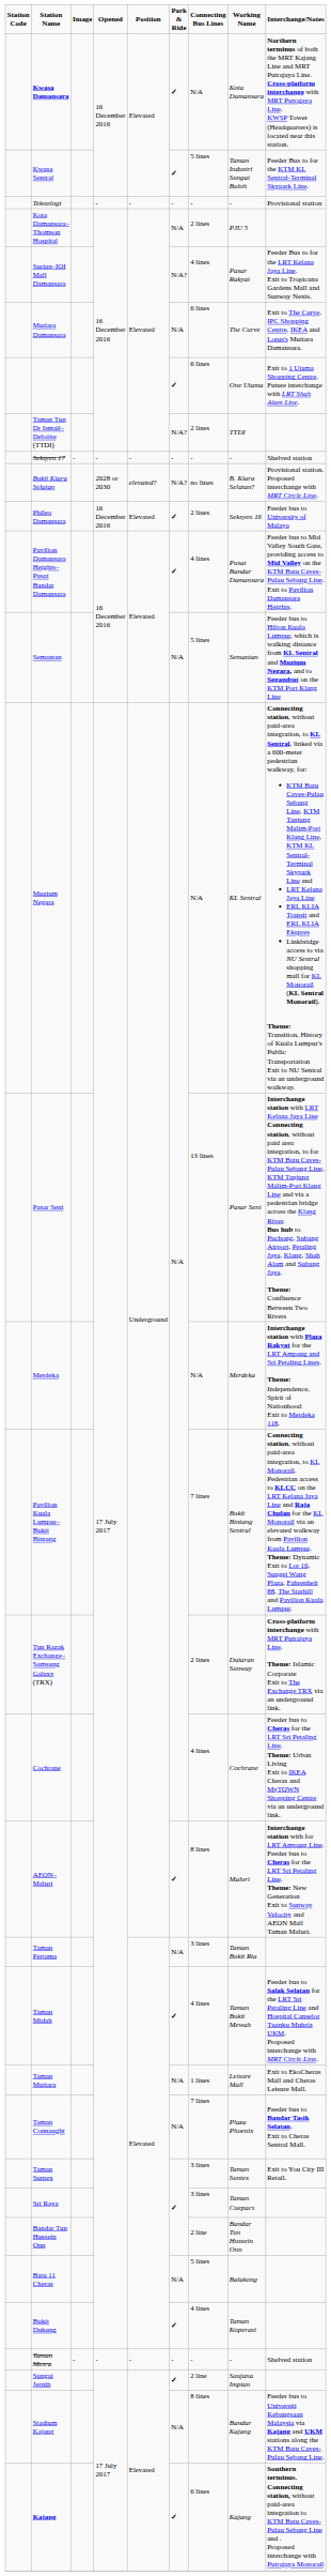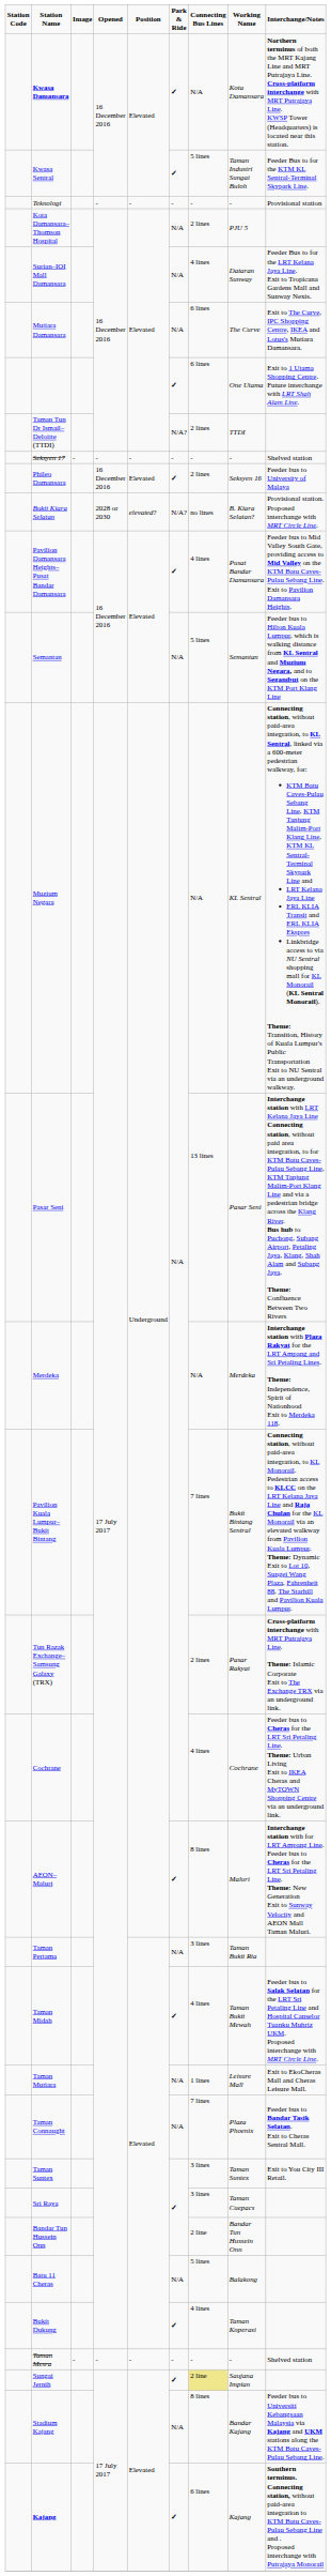 <table class="wikitable sortable" style="margin-left: 1em; margin-bottom: 1em; color: black; border-collapse: collapse; font-size: 95%">
 <tr align="center">
 <td><strong>Station Code</strong></td>
 <td><strong>Station Name</strong></td>
 <td><strong>Image</strong></td>
 <td><strong>Opened</strong></td>
 <td><strong>Position</strong></td>
 <td><strong>Park & Ride</strong></td>
 <td><strong>Connecting Bus Lines</strong></td>
 <td><strong>Working Name</strong></td>
 <td><strong>Interchange/Notes</strong></td>
 </tr>
 <tr>
 <td></td>
 <td><a href='#'><strong>Kwasa Damansara</strong></a></td>
 <td></td>
 <td rowspan="2">16 December 2016</td>
 <td rowspan="2">Elevated</td>
 <td><strong>✓</strong></td>
 <td>N/A</td>
 <td><em>Kota Damansara</em></td>
 <td><strong>Northern terminus</strong> of both the MRT Kajang Line and MRT Putrajaya Line.<br><strong><a href='#'>Cross-platform interchange</a></strong> with  <a href='#'>MRT Putrajaya Line</a>.<br><a href='#'>KWSP</a> Tower (Headquarters) is located near this station.</td>
 </tr>
 <tr>
 <td></td>
 <td><a href='#'>Kwasa Sentral</a></td>
 <td></td>
 <td><strong>✓</strong></td>
 <td>5 lines<br><br><br><br><br></td>
 <td><em>Taman Industri Sungai Buloh</em></td>
 <td>Feeder Bus  to  <strong></strong> for the <a href='#'>KTM KL Sentral-Terminal Skypark Line</a>.</td>
 </tr>
 <tr>
 <td></td>
 <td><em>Teknologi</em></td>
 <td></td>
 <td>-</td>
 <td>-</td>
 <td>-</td>
 <td>-</td>
 <td>-</td>
 <td>Provisional station</td>
 </tr>
 <tr>
 <td></td>
 <td><a href='#'>Kota Damansara–Thomson Hospital</a></td>
 <td></td>
 <td rowspan="5">16 December 2016</td>
 <td rowspan="5">Elevated</td>
 <td>N/A</td>
 <td>2 lines<br><br></td>
 <td><em>PJU 5</em></td>
 <td></td>
 </tr>
 <tr>
 <td></td>
 <td><a href='#'>Surian–IOI Mall Damansara</a></td>
 <td></td>
-<td>N/A?</td>
+<td>N/A</td>
 <td>4 lines<br><br><br><br></td>
-<td><em>Pasar Rakyat</em></td>
+<td><em>Dataran Sunway</em></td>
 <td>Feeder Bus  to  <strong></strong> for the <a href='#'>LRT Kelana Jaya Line</a>.<br>Exit to Tropicana Gardens Mall and Sunway Nexis.</td>
 </tr>
 <tr>
 <td></td>
 <td><a href='#'>Mutiara Damansara</a></td>
 <td></td>
 <td>N/A</td>
 <td>6 lines<br><br><br><br><br><br></td>
 <td><em>The Curve</em></td>
 <td>Exit to <a href='#'>The Curve</a>, <a href='#'>IPC Shopping Centre</a>, <a href='#'>IKEA</a> and <a href='#'>Lotus's</a> Mutiara Damansara.</td>
 </tr>
 <tr>
 <td></td>
 <td></td>
 <td></td>
 <td><strong>✓</strong></td>
 <td>6 lines<br><br><br><br><br><br></td>
 <td><em>One Utama</em></td>
 <td>Exit to <a href='#'>1 Utama Shopping Centre</a>.<br>Future interchange with  <em><a href='#'>LRT Shah Alam Line</a></em>.</td>
 </tr>
 <tr>
 <td></td>
 <td><a href='#'>Taman Tun Dr Ismail–Deloitte</a> (TTDI)</td>
 <td></td>
 <td>N/A?</td>
 <td>2 lines<br><br></td>
 <td><em>TTDI</em></td>
 <td></td>
 </tr>
 <tr>
 <td></td>
 <td><s><em>Seksyen 17</em></s></td>
 <td>-</td>
 <td>-</td>
 <td>-</td>
 <td>-</td>
 <td>-</td>
 <td>-</td>
 <td>Shelved station</td>
 </tr>
 <tr>
 <td></td>
+<td><a href='#'>Phileo Damansara</a></td>
+<td></td>
+<td>16 December 2016</td>
+<td>Elevated</td>
+<td><strong>✓</strong></td>
+<td>2 lines<br><br></td>
+<td><em>Seksyen 16</em></td>
+<td>Feeder bus <strong></strong> to <a href='#'>University of Malaya</a></td>
+</tr>
+<tr>
+<td></td>
 <td><a href='#'><em>Bukit Kiara Selatan</em></a></td>
 <td></td>
 <td>2028 or 2030</td>
 <td><em>elevated</em>?</td>
 <td>N/A?</td>
 <td>no lines</td>
 <td><em>B. Kiara Selatan</em>?</td>
 <td>Provisional station.<br>Proposed interchange with <em></em> <em><a href='#'>MRT Circle Line</a></em>.</td>
-</tr>
-<tr>
-<td></td>
-<td><a href='#'>Phileo Damansara</a></td>
-<td></td>
-<td>16 December 2016</td>
-<td>Elevated</td>
-<td><strong>✓</strong></td>
-<td>2 lines<br><br></td>
-<td><em>Seksyen 16</em></td>
-<td>Feeder bus <strong></strong> to <a href='#'>University of Malaya</a></td>
 </tr>
 <tr>
 <td></td>
 <td><a href='#'>Pavilion Damansara Heights–Pusat Bandar Damansara</a></td>
 <td></td>
 <td rowspan="2">16 December 2016</td>
 <td rowspan="2">Elevated</td>
 <td><strong>✓</strong></td>
 <td>4 lines<br><br><br><br></td>
 <td><em>Pusat Bandar Damansara</em></td>
 <td>Feeder bus <strong></strong> to Mid Valley South Gate, providing access to  <a href='#'><strong>Mid Valley</strong></a> on the <a href='#'>KTM Batu Caves-Pulau Sebang Line</a>.<br>Exit to <a href='#'>Pavilion Damansara Heights</a>.</td>
 </tr>
 <tr>
 <td></td>
 <td><a href='#'>Semantan</a></td>
 <td></td>
 <td>N/A</td>
 <td>5 lines<br><br><br><br><br></td>
 <td><em>Semantan</em></td>
 <td>Feeder bus <strong></strong> to <a href='#'>Hilton Kuala Lumpur</a>, which is walking distance from  <strong><a href='#'>KL Sentral</a></strong> and  <strong><a href='#'>Muzium Negara</a>,</strong> and to  <a href='#'><strong>Segambut</strong></a> on the <a href='#'>KTM Port Klang Line</a></td>
 </tr>
 <tr>
 <td></td>
 <td><a href='#'>Muzium Negara</a></td>
 <td></td>
 <td rowspan="16">17 July 2017</td>
 <td rowspan="7">Underground</td>
 <td rowspan="6">N/A</td>
 <td>N/A</td>
 <td><em>KL Sentral</em></td>
 <td><strong>Connecting station</strong>, without paid-area integration, to <strong><a href='#'>KL Sentral</a></strong>, linked via a 600-meter pedestrian walkway, for:<br><ul><li> <a href='#'>KTM Batu Caves-Pulau Sebang Line</a>, <a href='#'>KTM Tanjung Malim-Port Klang Line</a>, <a href='#'>KTM KL Sentral-Terminal Skypark Line</a> and </li><li> <a href='#'>LRT Kelana Jaya Line</a></li><li> <a href='#'>ERL KLIA Transit</a> and <a href='#'>ERL KLIA Ekspres</a></li><li>Linkbridge access to  via <em>NU Sentral</em> shopping mall for  <a href='#'>KL Monorail</a>  (<strong>KL Sentral Monorail</strong>).</li></ul><br><strong>Theme:</strong> Transition, History of Kuala Lumpur's Public Transportation<br>Exit to NU Sentral via an underground walkway.</td>
 </tr>
 <tr>
 <td></td>
 <td><a href='#'>Pasar Seni</a></td>
 <td></td>
 <td>13 lines<br><br><br><br><br><br><br><br><br><br><br><br><br></td>
 <td><em>Pasar Seni</em></td>
 <td><strong>Interchange station</strong> with  <a href='#'>LRT Kelana Jaya Line</a><br><strong>Connecting station</strong>, without paid area integration, to  <strong></strong> for <a href='#'>KTM Batu Caves-Pulau Sebang Line</a>, <a href='#'>KTM Tanjung Malim-Port Klang Line</a> and  via a pedestrian bridge across the <a href='#'>Klang River</a>.<br><strong>Bus hub</strong> to <a href='#'>Puchong</a>, <a href='#'>Subang Airport</a>, <a href='#'>Petaling Jaya</a>, <a href='#'>Klang</a>, <a href='#'>Shah Alam</a> and <a href='#'>Subang Jaya</a>.<br><br><strong>Theme:</strong> Confluence Between Two Rivers</td>
 </tr>
 <tr>
 <td></td>
 <td><a href='#'>Merdeka</a></td>
 <td></td>
 <td>N/A</td>
 <td><em>Merdeka</em></td>
 <td><strong>Interchange station</strong> with  <a href='#'><strong>Plaza Rakyat</strong></a> for the <a href='#'>LRT Ampang and Sri Petaling Lines</a>.<br><br><strong>Theme:</strong> Independence, Spirit of Nationhood<br>Exit to <a href='#'>Merdeka 118</a>.</td>
 </tr>
 <tr>
 <td></td>
 <td><a href='#'>Pavilion Kuala Lumpur–Bukit Bintang</a></td>
 <td></td>
 <td>7 lines<br><br><br><br><br><br><br></td>
 <td><em>Bukit Bintang Sentral</em></td>
 <td><strong>Connecting station</strong>, without paid-area integration, to  <a href='#'>KL Monorail</a>.<br>Pedestrian access to  <a href='#'><strong>KLCC</strong></a> on the <a href='#'>LRT Kelana Jaya Line</a> and  <a href='#'><strong>Raja Chulan</strong></a> for the <a href='#'>KL Monorail</a> via an elevated walkway from <a href='#'>Pavilion Kuala Lumpur</a>.<br><strong>Theme:</strong> Dynamic<br>Exit to <a href='#'>Lot 10</a>, <a href='#'>Sungei Wang Plaza</a>, <a href='#'>Fahrenheit 88</a>, <a href='#'>The Starhill</a> and <a href='#'>Pavilion Kuala Lumpur</a>.</td>
 </tr>
 <tr>
 <td></td>
 <td><a href='#'>Tun Razak Exchange–Samsung Galaxy</a> (TRX)</td>
 <td></td>
 <td>2 lines<br><br></td>
-<td><em>Dataran Sunway</em></td>
+<td><em>Pasar Rakyat</em></td>
 <td><strong>Cross-platform interchange</strong> with  <a href='#'>MRT Putrajaya Line</a>.<br><br><strong>Theme:</strong> Islamic Corporate<br>Exit to <a href='#'>The Exchange TRX</a> via an underground link.</td>
 </tr>
 <tr>
 <td></td>
 <td><a href='#'>Cochrane</a></td>
 <td></td>
 <td>4 lines<br><br><br><br><br></td>
 <td><em>Cochrane</em></td>
 <td>Feeder bus <strong></strong> to  <strong><a href='#'>Cheras</a></strong> for the <a href='#'>LRT Sri Petaling Line</a>.<br><strong>Theme:</strong> Urban Living<br>Exit to <a href='#'>IKEA</a> Cheras and <a href='#'>MyTOWN Shopping Centre</a> via an underground link.</td>
 </tr>
 <tr>
 <td></td>
 <td><a href='#'>AEON–Maluri</a></td>
 <td></td>
 <td><strong>✓</strong></td>
 <td>8 lines<br><br><br><br><br><br><br><br></td>
 <td><em>Maluri</em></td>
 <td><strong>Interchange station</strong> with  for <a href='#'>LRT Ampang Line</a>.<br>Feeder bus <strong></strong> to  <strong><a href='#'>Cheras</a></strong> for the <a href='#'>LRT Sri Petaling Line</a>.<br><strong>Theme:</strong> New Generation<br>Exit to <a href='#'>Sunway Velocity</a> and AEON Mall Taman Maluri.</td>
 </tr>
 <tr>
 <td></td>
 <td><a href='#'>Taman Pertama</a></td>
 <td></td>
 <td rowspan="9">Elevated</td>
 <td>N/A</td>
 <td>3 lines<br><br><br></td>
 <td><em>Taman Bukit Ria</em></td>
 <td></td>
 </tr>
 <tr>
 <td></td>
 <td><a href='#'>Taman Midah</a></td>
 <td></td>
 <td><strong>✓</strong></td>
 <td>4 lines<br><br><br><br></td>
 <td><em>Taman Bukit Mewah</em></td>
 <td><br>Feeder bus <strong></strong> to  <a href='#'><strong>Salak Selatan</strong></a> for the <a href='#'>LRT Sri Petaling Line</a> and <a href='#'>Hospital Canselor Tuanku Muhriz UKM</a>.<br>Proposed interchange with <em></em> <em><a href='#'>MRT Circle Line</a></em>.</td>
 </tr>
 <tr>
 <td></td>
 <td><a href='#'>Taman Mutiara</a></td>
 <td></td>
 <td>N/A</td>
 <td>1 lines<br></td>
 <td><em>Leisure Mall</em></td>
 <td>Exit to EkoCheras Mall and Cheras Leisure Mall.</td>
 </tr>
 <tr>
 <td></td>
 <td><a href='#'>Taman Connaught</a></td>
 <td></td>
 <td>N/A</td>
 <td>7 lines<br><br><br><br><br><br><br></td>
 <td><em>Plaza Phoenix</em></td>
 <td>Feeder bus <strong></strong> to  <a href='#'><strong>Bandar Tasik Selatan</strong></a>.<br>Exit to Cheras Sentral Mall.</td>
 </tr>
 <tr>
 <td></td>
 <td><a href='#'>Taman Suntex</a></td>
 <td></td>
 <td rowspan="3"><strong>✓</strong></td>
 <td>3 lines<br><br><br></td>
 <td><em>Taman Suntex</em></td>
 <td>Exit to You City III Retail.</td>
 </tr>
 <tr>
 <td></td>
 <td><a href='#'>Sri Raya</a></td>
 <td></td>
 <td>3 lines<br><br><br></td>
 <td><em>Taman Cuepacs</em></td>
 <td></td>
 </tr>
 <tr>
 <td></td>
 <td><a href='#'>Bandar Tun Hussein Onn</a></td>
 <td></td>
 <td>2 line<br><br></td>
 <td><em>Bandar Tun Hussein Onn</em></td>
 <td></td>
 </tr>
 <tr>
 <td></td>
 <td><a href='#'>Batu 11 Cheras</a></td>
 <td></td>
 <td>N/A</td>
 <td>5 lines<br><br><br><br><br></td>
 <td><em>Balakong</em></td>
 <td></td>
 </tr>
 <tr>
 <td></td>
 <td><a href='#'>Bukit Dukung</a></td>
 <td></td>
 <td><strong>✓</strong></td>
 <td>4 lines <br><br><br><br><br></td>
 <td><em>Taman Koperasi</em></td>
 <td></td>
 </tr>
 <tr>
 <td></td>
 <td><em><s>Taman Mesra</s></em></td>
 <td>-</td>
 <td>-</td>
 <td>-</td>
 <td>-</td>
 <td>-</td>
 <td>-</td>
 <td>Shelved station</td>
 </tr>
 <tr>
 <td></td>
 <td><a href='#'>Sungai Jernih</a></td>
 <td></td>
 <td rowspan="3">17 July 2017</td>
 <td rowspan="3">Elevated</td>
 <td><strong>✓</strong></td>
-<td>2 line<br><br></td>
+<td style="background: khaki;">2 line<br><br></td>
 <td><em>Saujana Impian</em></td>
 <td></td>
 </tr>
 <tr>
 <td></td>
 <td><a href='#'>Stadium Kajang</a></td>
 <td></td>
 <td>N/A</td>
 <td>8 lines<br><br><br><br><br><br><br><br></td>
 <td><em>Bandar Kajang</em></td>
 <td>Feeder bus <strong></strong> to <a href='#'>Universiti Kebangsaan Malaysia</a> via  <a href='#'><strong>Kajang</strong></a> and  <a href='#'><strong>UKM</strong></a> stations along the <a href='#'>KTM Batu Caves-Pulau Sebang Line</a>.</td>
 </tr>
 <tr>
 <td></td>
 <td><a href='#'><strong>Kajang</strong></a></td>
 <td></td>
 <td><strong>✓</strong></td>
 <td>6 lines<br><br><br><br><br><br><br></td>
 <td><em>Kajang</em></td>
 <td><strong>Southern terminus.</strong><br><strong>Connecting station,</strong> without paid-area integration to  <a href='#'>KTM Batu Caves-Pulau Sebang Line</a> and .<br>Proposed interchange with <a href='#'>Putrajaya Monorail</a></td>
 </tr>
 <tr>
 </tr>
 </table>
